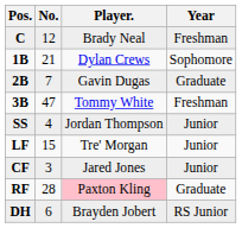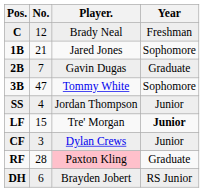 <table class="wikitable non-sortable">
 <tr>
 <th style="text-align:center; ">Pos.</th>
 <th style="text-align:center; ">No.</th>
 <th style="text-align:center; ">Player.</th>
 <th style="text-align:center; ">Year</th>
 </tr>
 <tr style="background:#eeeeee;text-align:center;">
 <td><strong>C</strong></td>
 <td>12</td>
 <td>Brady Neal</td>
 <td>Freshman</td>
 </tr>
 <tr style="text-align:center;">
 <td><strong>1B</strong></td>
 <td>21</td>
-<td><a href='#'>Dylan Crews</a></td>
+<td>Jared Jones</td>
 <td>Sophomore</td>
 </tr>
 <tr style="background:#eeeeee;text-align:center;">
 <td><strong>2B</strong></td>
 <td>7</td>
 <td>Gavin Dugas</td>
 <td>Graduate</td>
 </tr>
 <tr style="text-align:center;">
 <td><strong>3B</strong></td>
 <td>47</td>
 <td><a href='#'>Tommy White</a></td>
-<td>Freshman</td>
+<td>Sophomore</td>
 </tr>
 <tr style="background:#eeeeee;text-align:center;">
 <td><strong>SS</strong></td>
 <td>4</td>
 <td>Jordan Thompson</td>
 <td>Junior</td>
 </tr>
 <tr style="text-align:center;">
 <td><strong>LF</strong></td>
 <td>15</td>
 <td>Tre' Morgan</td>
-<td>Junior</td>
+<td><strong>Junior</strong></td>
 </tr>
 <tr style="background:#eeeeee;text-align:center;">
 <td><strong>CF</strong></td>
 <td>3</td>
-<td>Jared Jones</td>
+<td><a href='#'>Dylan Crews</a></td>
 <td>Junior</td>
 </tr>
 <tr style="text-align:center;">
 <td><strong>RF</strong></td>
 <td>28</td>
 <td style="background: pink;">Paxton Kling</td>
 <td>Graduate</td>
 </tr>
 <tr style="background:#eeeeee;text-align:center;">
 <td><strong>DH</strong></td>
 <td>6</td>
 <td>Brayden Jobert</td>
 <td>RS Junior</td>
 </tr>
 </table>
